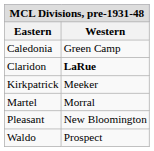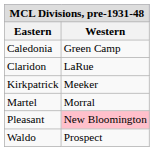 <table class="wikitable">
 <tr style="background:#ccf;">
 <th colspan="6" style="background:#ddd;">MCL Divisions, pre-1931-48</th>
 </tr>
 <tr>
 <th>Eastern</th>
 <th>Western</th>
 </tr>
 <tr>
 <td>Caledonia</td>
 <td>Green Camp</td>
 </tr>
 <tr>
 <td>Claridon</td>
-<td><strong>LaRue</strong></td>
+<td>LaRue</td>
 </tr>
 <tr>
 <td>Kirkpatrick</td>
 <td>Meeker</td>
 </tr>
 <tr>
 <td>Martel</td>
 <td>Morral</td>
 </tr>
 <tr>
 <td>Pleasant</td>
-<td>New Bloomington</td>
+<td style="background: pink;">New Bloomington</td>
 </tr>
 <tr>
 <td>Waldo</td>
 <td>Prospect</td>
 </tr>
 </table>
